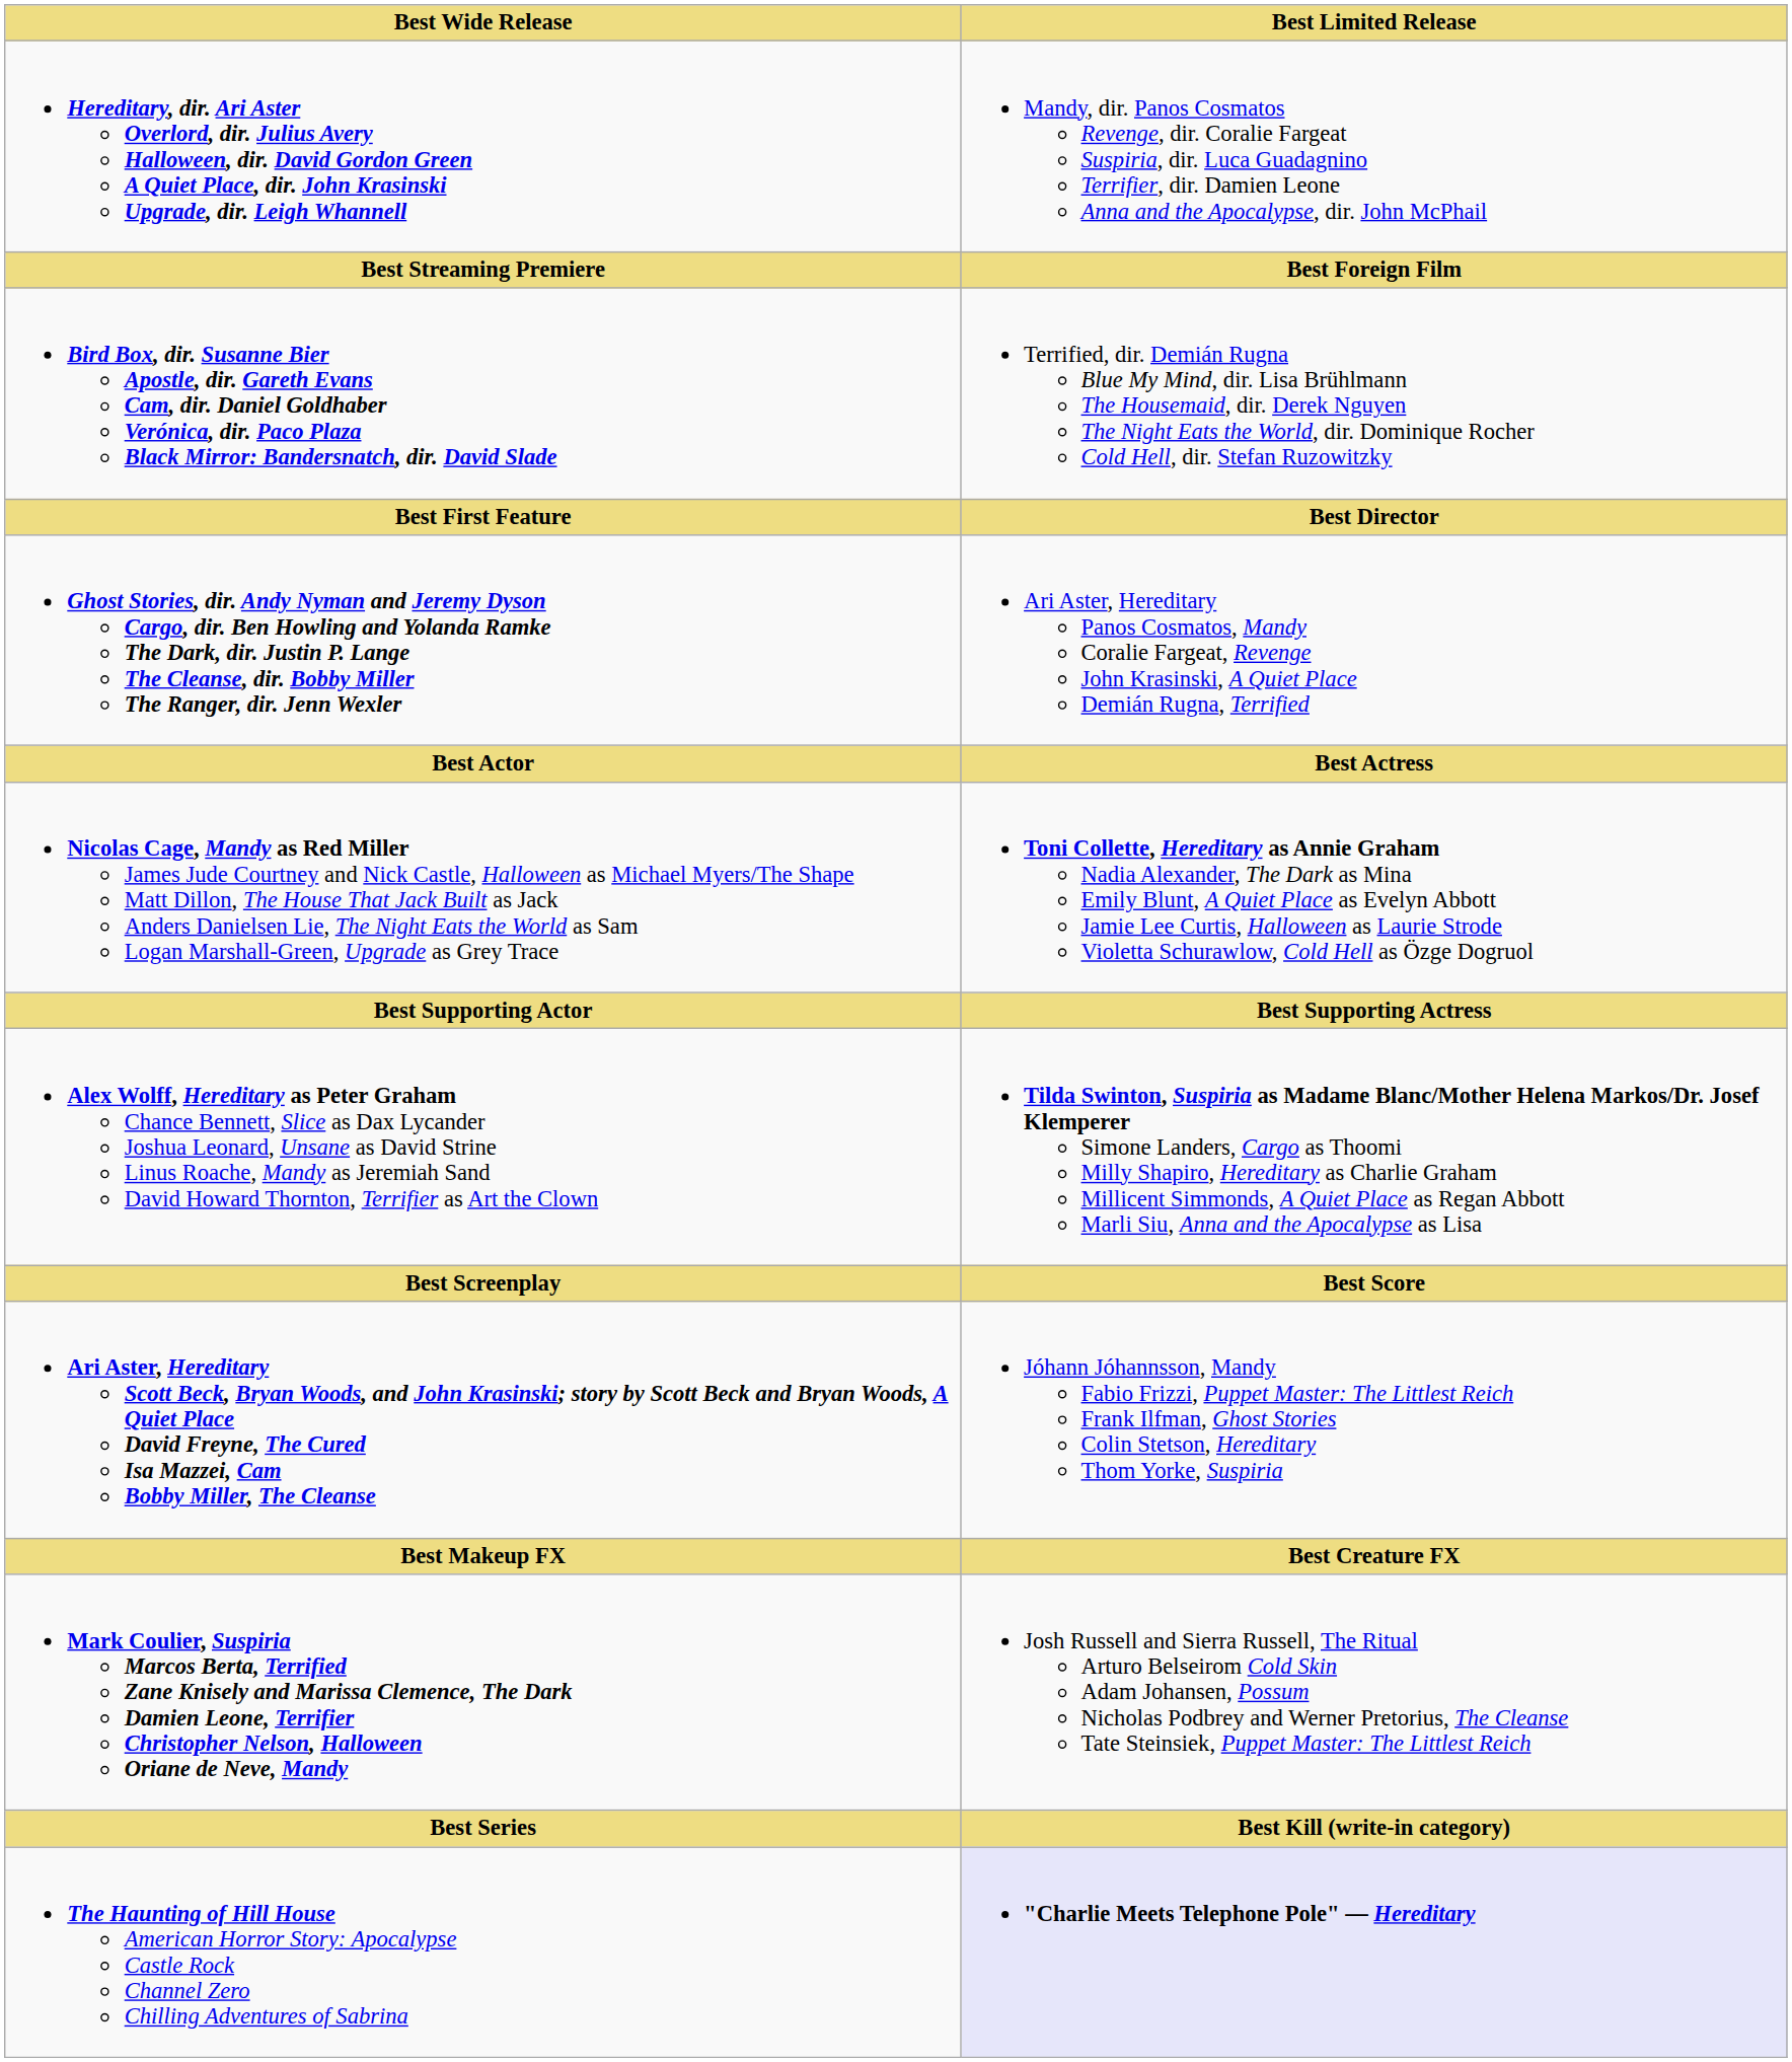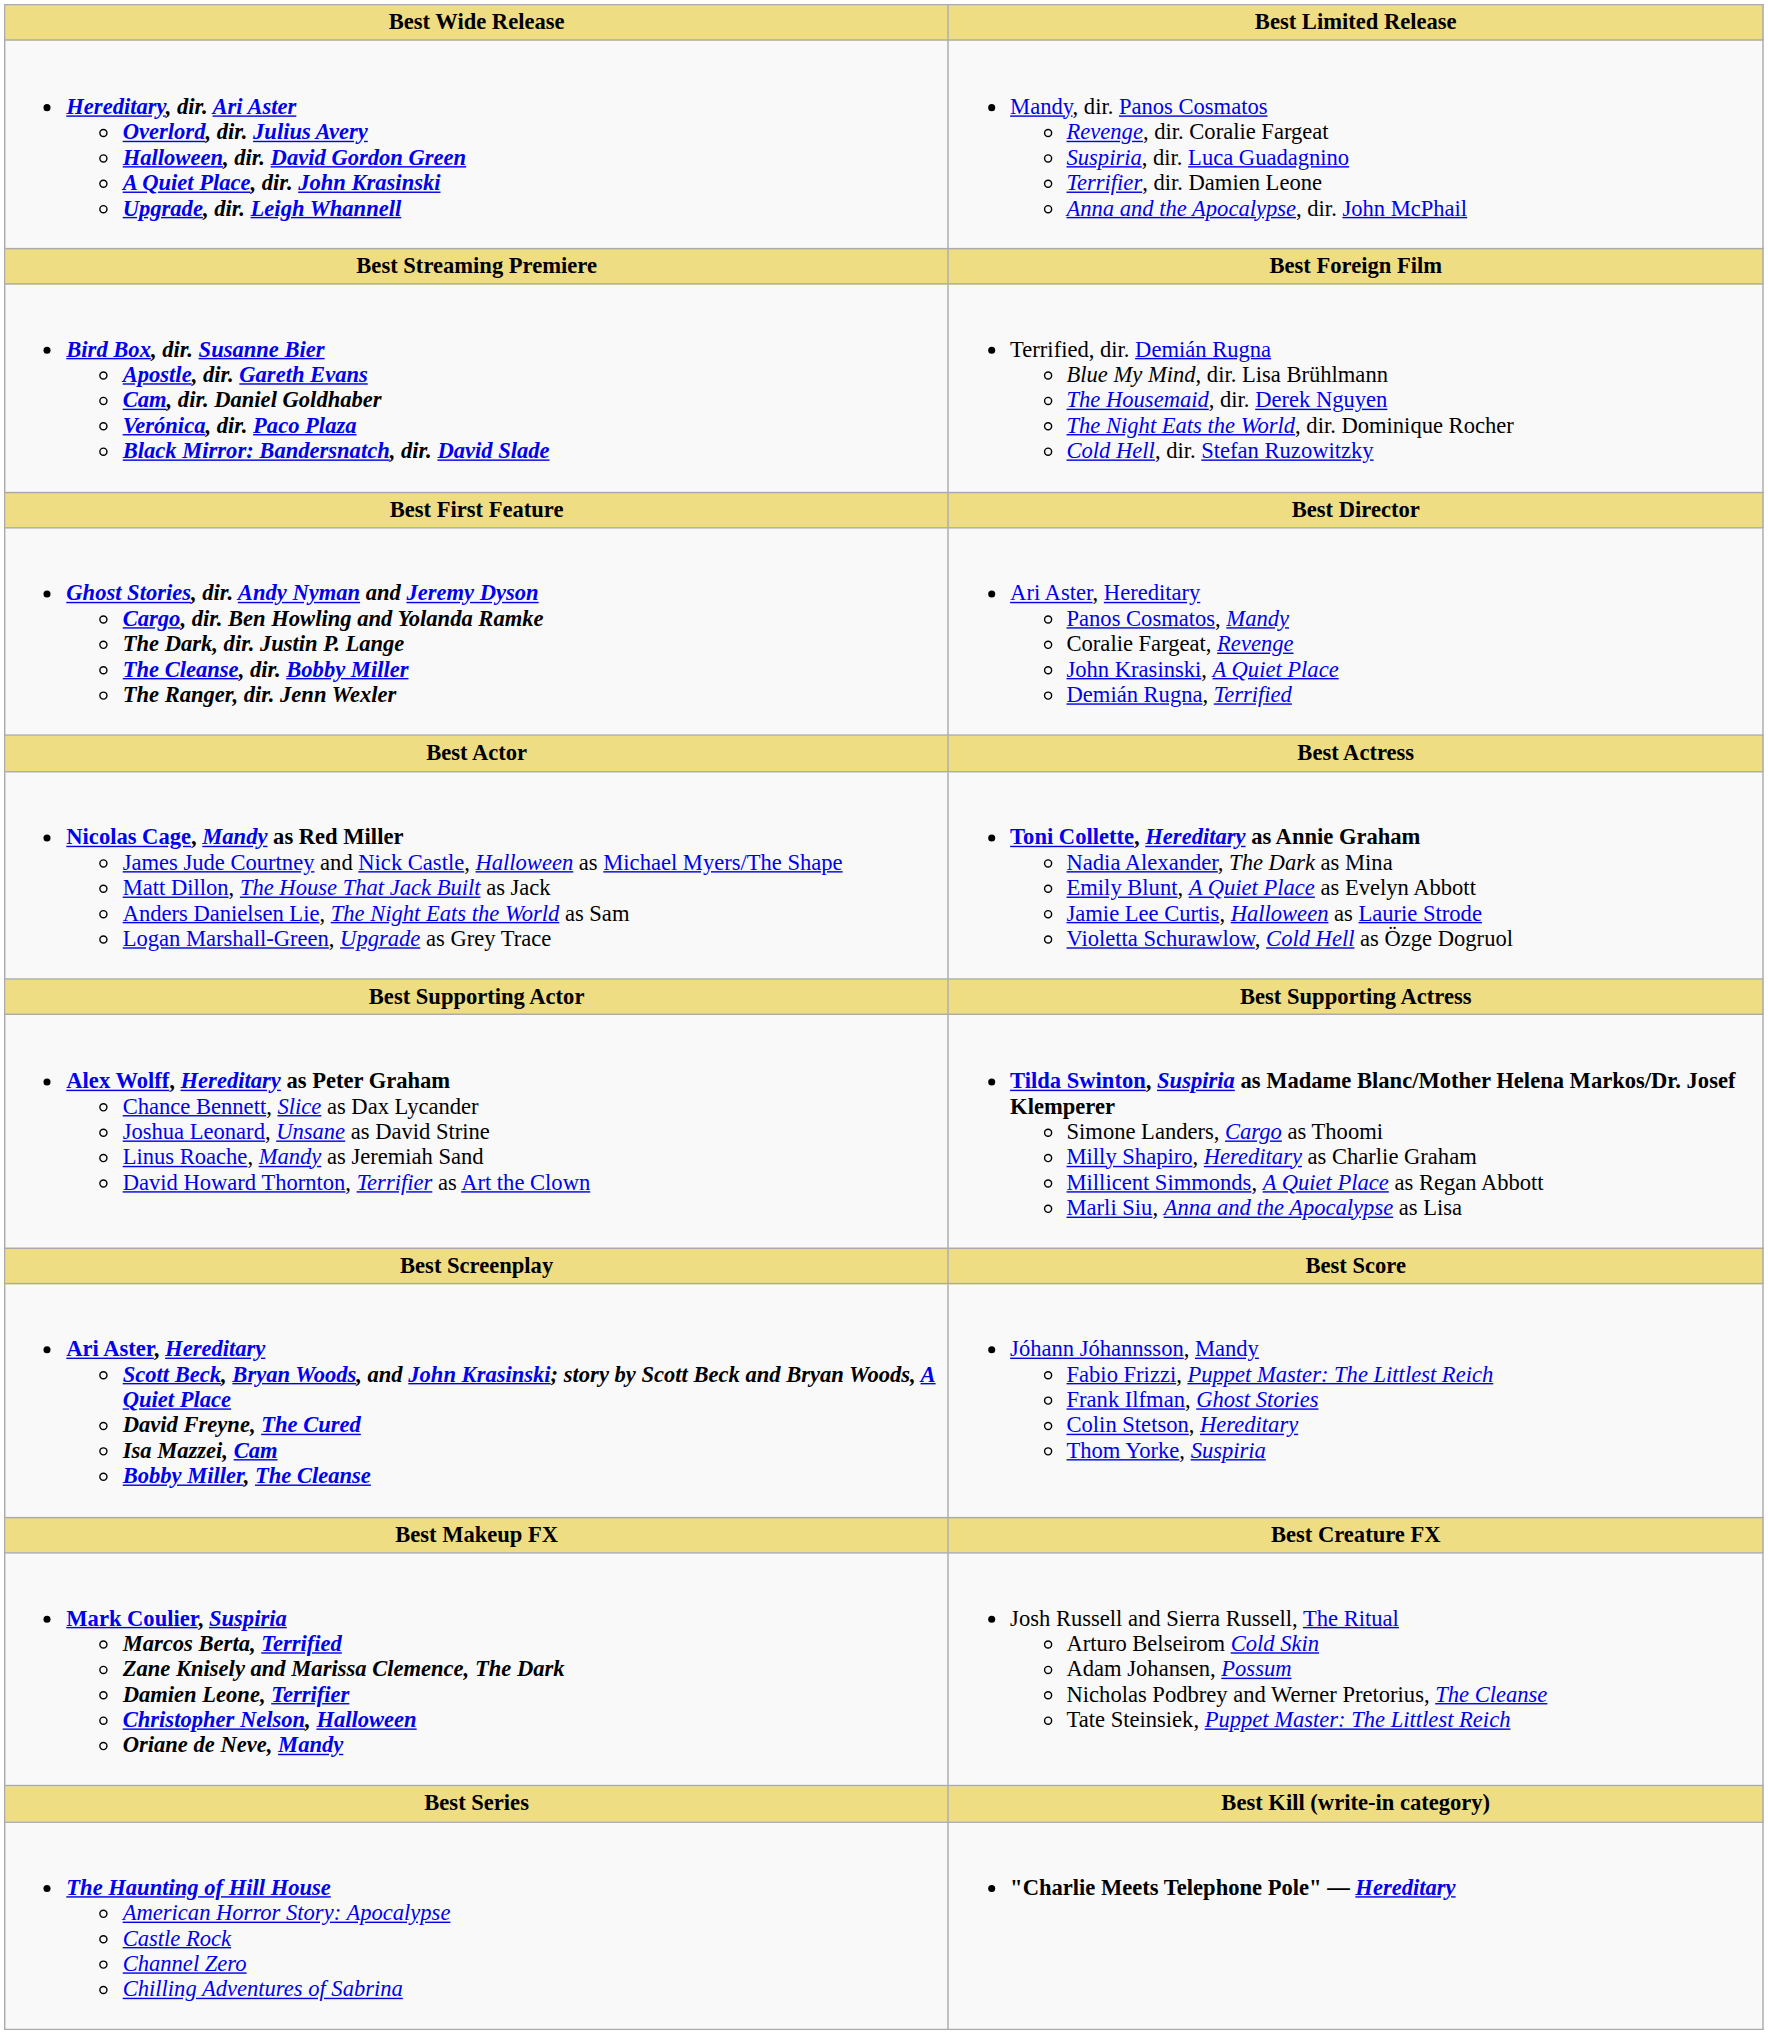 <table class=wikitable style="width="100%">
 <tr>
 <th style="background:#EEDD82">Best Wide Release</th>
 <th style="background:#EEDD82">Best Limited Release</th>
 </tr>
 <tr>
 <td valign="top"><br><ul><li><strong><em><a href='#'>Hereditary</a><em>, dir. <a href='#'>Ari Aster</a><strong><ul><li></em><a href='#'>Overlord</a><em>, dir. <a href='#'>Julius Avery</a></li><li></em><a href='#'>Halloween</a><em>, dir. <a href='#'>David Gordon Green</a></li><li></em><a href='#'>A Quiet Place</a><em>, dir. <a href='#'>John Krasinski</a></li><li></em><a href='#'>Upgrade</a><em>, dir. <a href='#'>Leigh Whannell</a></li></ul></li></ul></td>
 <td valign="top"><br><ul><li></em></strong><a href='#'>Mandy</a></em>, dir. <a href='#'>Panos Cosmatos</a></strong><ul><li><em><a href='#'>Revenge</a></em>, dir. Coralie Fargeat</li><li><em><a href='#'>Suspiria</a></em>, dir. <a href='#'>Luca Guadagnino</a></li><li><em><a href='#'>Terrifier</a></em>, dir. Damien Leone</li><li><em><a href='#'>Anna and the Apocalypse</a></em>, dir. <a href='#'>John McPhail</a></li></ul></li></ul></td>
 </tr>
 <tr>
 <th style="background:#EEDD82">Best Streaming Premiere</th>
 <th style="background:#EEDD82">Best Foreign Film</th>
 </tr>
 <tr>
 <td valign="top"><br><ul><li><strong><em><a href='#'>Bird Box</a><em>, dir. <a href='#'>Susanne Bier</a><strong><ul><li></em><a href='#'>Apostle</a><em>, dir. <a href='#'>Gareth Evans</a></li><li></em><a href='#'>Cam</a><em>, dir. Daniel Goldhaber</li><li></em><a href='#'>Verónica</a><em>, dir. <a href='#'>Paco Plaza</a></li><li></em><a href='#'>Black Mirror: Bandersnatch</a><em>, dir. <a href='#'>David Slade</a></li></ul></li></ul></td>
 <td valign="top"><br><ul><li></em></strong>Terrified</em>, dir. <a href='#'>Demián Rugna</a></strong><ul><li><em>Blue My Mind</em>, dir. Lisa Brühlmann</li><li><em><a href='#'>The Housemaid</a></em>, dir. <a href='#'>Derek Nguyen</a></li><li><em><a href='#'>The Night Eats the World</a></em>, dir. Dominique Rocher</li><li><em><a href='#'>Cold Hell</a></em>, dir. <a href='#'>Stefan Ruzowitzky</a></li></ul></li></ul></td>
 </tr>
 <tr>
 <th style="background:#EEDD82">Best First Feature</th>
 <th style="background:#EEDD82">Best Director</th>
 </tr>
 <tr>
 <td valign="top"><br><ul><li><strong><em><a href='#'>Ghost Stories</a><em>, dir. <a href='#'>Andy Nyman</a> and <a href='#'>Jeremy Dyson</a><strong><ul><li></em><a href='#'>Cargo</a><em>, dir. Ben Howling and Yolanda Ramke</li><li></em>The Dark<em>, dir. Justin P. Lange</li><li></em><a href='#'>The Cleanse</a><em>, dir. <a href='#'>Bobby Miller</a></li><li></em>The Ranger<em>, dir. Jenn Wexler</li></ul></li></ul></td>
 <td valign="top"><br><ul><li></strong><a href='#'>Ari Aster</a>, </em><a href='#'>Hereditary</a></em></strong><ul><li><a href='#'>Panos Cosmatos</a>, <em><a href='#'>Mandy</a></em></li><li>Coralie Fargeat, <em><a href='#'>Revenge</a></em></li><li><a href='#'>John Krasinski</a>, <em><a href='#'>A Quiet Place</a></em></li><li><a href='#'>Demián Rugna</a>, <em><a href='#'>Terrified</a></em></li></ul></li></ul></td>
 </tr>
 <tr>
 <th style="background:#EEDD82">Best Actor</th>
 <th style="background:#EEDD82">Best Actress</th>
 </tr>
 <tr>
 <td valign="top"><br><ul><li><strong><a href='#'>Nicolas Cage</a>, <em><a href='#'>Mandy</a></em> as Red Miller</strong><ul><li><a href='#'>James Jude Courtney</a> and <a href='#'>Nick Castle</a>, <em><a href='#'>Halloween</a></em> as <a href='#'>Michael Myers/The Shape</a></li><li><a href='#'>Matt Dillon</a>, <em><a href='#'>The House That Jack Built</a></em> as Jack</li><li><a href='#'>Anders Danielsen Lie</a>, <em><a href='#'>The Night Eats the World</a></em> as Sam</li><li><a href='#'>Logan Marshall-Green</a>, <em><a href='#'>Upgrade</a></em> as Grey Trace</li></ul></li></ul></td>
 <td valign="top"><br><ul><li><strong><a href='#'>Toni Collette</a>, <em><a href='#'>Hereditary</a></em> as Annie Graham</strong><ul><li><a href='#'>Nadia Alexander</a>, <em>The Dark</em> as Mina</li><li><a href='#'>Emily Blunt</a>, <em><a href='#'>A Quiet Place</a></em> as Evelyn Abbott</li><li><a href='#'>Jamie Lee Curtis</a>, <em><a href='#'>Halloween</a></em> as <a href='#'>Laurie Strode</a></li><li><a href='#'>Violetta Schurawlow</a>, <em><a href='#'>Cold Hell</a></em> as Özge Dogruol</li></ul></li></ul></td>
 </tr>
 <tr>
 <th style="background:#EEDD82">Best Supporting Actor</th>
 <th style="background:#EEDD82">Best Supporting Actress</th>
 </tr>
 <tr>
 <td valign="top"><br><ul><li><strong><a href='#'>Alex Wolff</a>, <em><a href='#'>Hereditary</a></em> as Peter Graham</strong><ul><li><a href='#'>Chance Bennett</a>, <em><a href='#'>Slice</a></em> as Dax Lycander</li><li><a href='#'>Joshua Leonard</a>, <em><a href='#'>Unsane</a></em> as David Strine</li><li><a href='#'>Linus Roache</a>, <em><a href='#'>Mandy</a></em> as Jeremiah Sand</li><li><a href='#'>David Howard Thornton</a>, <em><a href='#'>Terrifier</a></em> as <a href='#'>Art the Clown</a></li></ul></li></ul></td>
 <td valign="top"><br><ul><li><strong><a href='#'>Tilda Swinton</a>, <em><a href='#'>Suspiria</a></em> as Madame Blanc/Mother Helena Markos/Dr. Josef Klemperer</strong><ul><li>Simone Landers, <em><a href='#'>Cargo</a></em> as Thoomi</li><li><a href='#'>Milly Shapiro</a>, <em><a href='#'>Hereditary</a></em> as Charlie Graham</li><li><a href='#'>Millicent Simmonds</a>, <em><a href='#'>A Quiet Place</a></em> as Regan Abbott</li><li><a href='#'>Marli Siu</a>, <em><a href='#'>Anna and the Apocalypse</a></em> as Lisa</li></ul></li></ul></td>
 </tr>
 <tr>
 <th style="background:#EEDD82">Best Screenplay</th>
 <th style="background:#EEDD82">Best Score</th>
 </tr>
 <tr>
 <td valign="top"><br><ul><li><strong><a href='#'>Ari Aster</a>, <em><a href='#'>Hereditary</a><strong><em><ul><li><a href='#'>Scott Beck</a>, <a href='#'>Bryan Woods</a>, and <a href='#'>John Krasinski</a>; story by Scott Beck and Bryan Woods, </em><a href='#'>A Quiet Place</a><em></li><li>David Freyne, </em><a href='#'>The Cured</a><em></li><li>Isa Mazzei, </em><a href='#'>Cam</a><em></li><li><a href='#'>Bobby Miller</a>, </em><a href='#'>The Cleanse</a><em></li></ul></li></ul></td>
 <td valign="top"><br><ul><li></strong><a href='#'>Jóhann Jóhannsson</a>, </em><a href='#'>Mandy</a></em></strong><ul><li><a href='#'>Fabio Frizzi</a>, <em><a href='#'>Puppet Master: The Littlest Reich</a></em></li><li><a href='#'>Frank Ilfman</a>, <em><a href='#'>Ghost Stories</a></em></li><li><a href='#'>Colin Stetson</a>, <em><a href='#'>Hereditary</a></em></li><li><a href='#'>Thom Yorke</a>, <em><a href='#'>Suspiria</a></em></li></ul></li></ul></td>
 </tr>
 <tr>
 <th style="background:#EEDD82">Best Makeup FX</th>
 <th style="background:#EEDD82">Best Creature FX</th>
 </tr>
 <tr>
 <td valign="top"><br><ul><li><strong><a href='#'>Mark Coulier</a>, <em><a href='#'>Suspiria</a><strong><em><ul><li>Marcos Berta, </em><a href='#'>Terrified</a><em></li><li>Zane Knisely and Marissa Clemence, </em>The Dark<em></li><li>Damien Leone, </em><a href='#'>Terrifier</a><em></li><li><a href='#'>Christopher Nelson</a>, </em><a href='#'>Halloween</a><em></li><li>Oriane de Neve, </em><a href='#'>Mandy</a><em></li></ul></li></ul></td>
 <td valign="top"><br><ul><li></strong>Josh Russell and Sierra Russell, </em><a href='#'>The Ritual</a></em></strong><ul><li>Arturo Belseirom <em><a href='#'>Cold Skin</a></em></li><li>Adam Johansen, <em><a href='#'>Possum</a></em></li><li>Nicholas Podbrey and Werner Pretorius, <em><a href='#'>The Cleanse</a></em></li><li>Tate Steinsiek, <em><a href='#'>Puppet Master: The Littlest Reich</a></em></li></ul></li></ul></td>
 </tr>
 <tr>
 <th style="background:#EEDD82">Best Series</th>
 <th style="background:#EEDD82">Best Kill (write-in category)</th>
 </tr>
 <tr>
 <td valign="top"><br><ul><li><strong><em><a href='#'>The Haunting of Hill House</a></em></strong><ul><li><em><a href='#'>American Horror Story: Apocalypse</a></em></li><li><em><a href='#'>Castle Rock</a></em></li><li><em><a href='#'>Channel Zero</a></em></li><li><em><a href='#'>Chilling Adventures of Sabrina</a></em></li></ul></li></ul></td>
-<td valign="top" style="background: lavender;"><br><ul><li><strong>"Charlie Meets Telephone Pole" — <em><a href='#'>Hereditary</a><strong><em></li></ul></td>
+<td valign="top"><br><ul><li><strong>"Charlie Meets Telephone Pole" — <em><a href='#'>Hereditary</a><strong><em></li></ul></td>
 </tr>
 </table>
